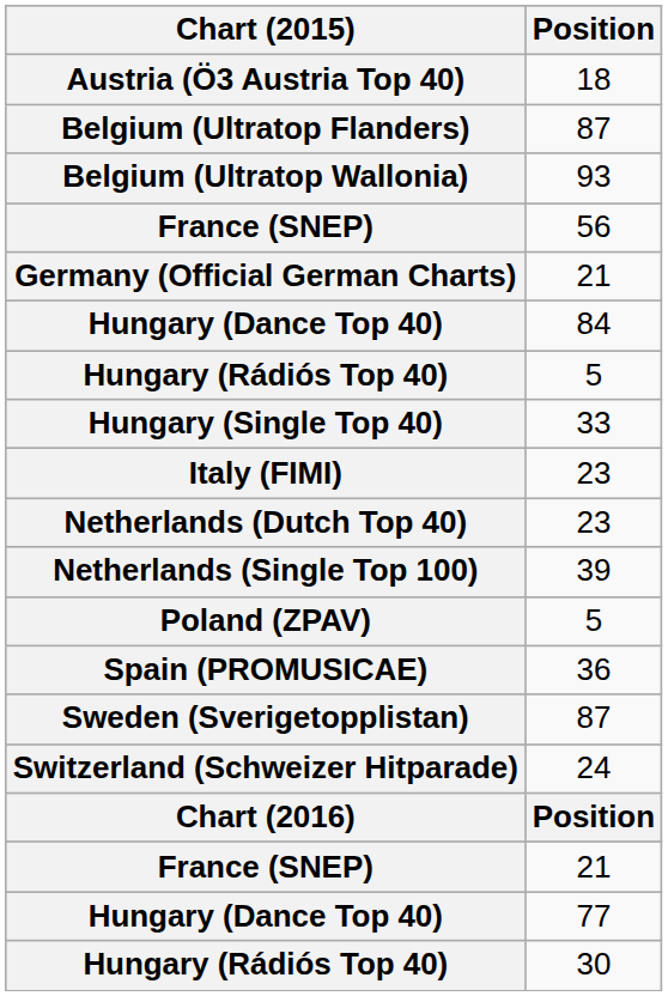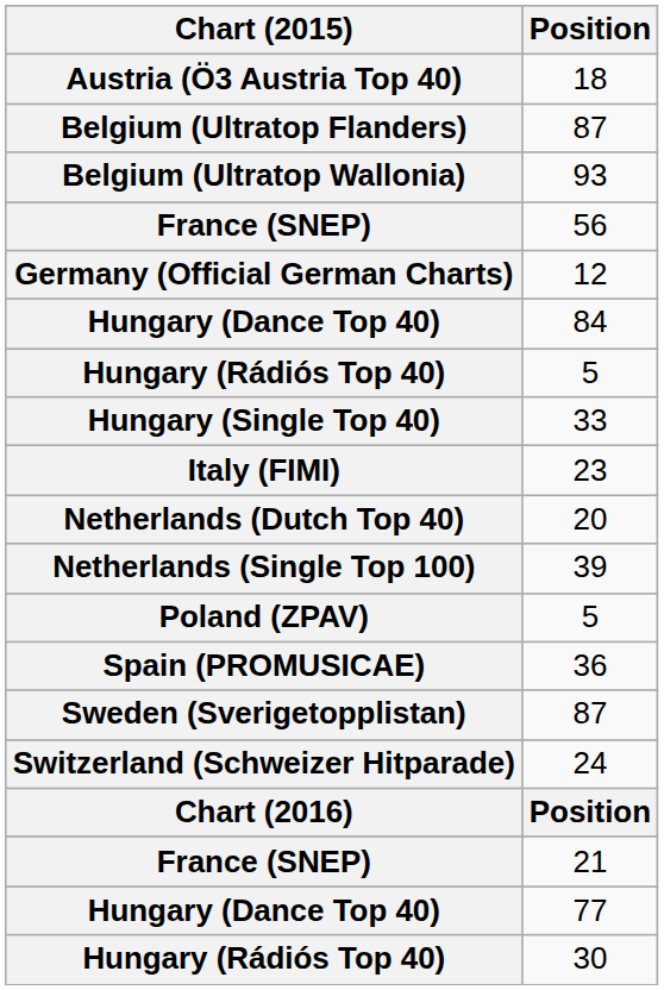 <table class="wikitable sortable plainrowheaders" style="text-align:center;">
 <tr>
 <th>Chart (2015)</th>
 <th>Position</th>
 </tr>
 <tr>
 <th scope="row">Austria (Ö3 Austria Top 40)</th>
 <td style="text-align:center;">18</td>
 </tr>
 <tr>
 <th scope="row">Belgium (Ultratop Flanders)</th>
 <td style="text-align:center;">87</td>
 </tr>
 <tr>
 <th scope="row">Belgium (Ultratop Wallonia)</th>
 <td style="text-align:center;">93</td>
 </tr>
 <tr>
 <th scope="row">France (SNEP)</th>
 <td style="text-align:center;">56</td>
 </tr>
 <tr>
 <th scope="row">Germany (Official German Charts)</th>
-<td style="text-align:center;">21</td>
+<td style="text-align:center;">12</td>
 </tr>
 <tr>
 <th scope="row">Hungary (Dance Top 40)</th>
 <td style="text-align:center;">84</td>
 </tr>
 <tr>
 <th scope="row">Hungary (Rádiós Top 40)</th>
 <td style="text-align:center;">5</td>
 </tr>
 <tr>
 <th scope="row">Hungary (Single Top 40)</th>
 <td style="text-align:center;">33</td>
 </tr>
 <tr>
 <th scope="row">Italy (FIMI)</th>
 <td style="text-align:center;">23</td>
 </tr>
 <tr>
 <th scope="row">Netherlands (Dutch Top 40)</th>
-<td style="text-align:center;">23</td>
+<td style="text-align:center;">20</td>
 </tr>
 <tr>
 <th scope="row">Netherlands (Single Top 100)</th>
 <td style="text-align:center;">39</td>
 </tr>
 <tr>
 <th scope="row">Poland (ZPAV)</th>
 <td>5</td>
 </tr>
 <tr>
 <th scope="row">Spain (PROMUSICAE)</th>
 <td>36</td>
 </tr>
 <tr>
 <th scope="row">Sweden (Sverigetopplistan)</th>
 <td style="text-align:center;">87</td>
 </tr>
 <tr>
 <th scope="row">Switzerland (Schweizer Hitparade)</th>
 <td style="text-align:center;">24</td>
 </tr>
 <tr>
 <th>Chart (2016)</th>
 <th>Position</th>
 </tr>
 <tr>
 <th scope="row">France (SNEP)</th>
 <td style="text-align:center;">21</td>
 </tr>
 <tr>
 <th scope="row">Hungary (Dance Top 40)</th>
 <td style="text-align:center;">77</td>
 </tr>
 <tr>
 <th scope="row">Hungary (Rádiós Top 40)</th>
 <td style="text-align:center;">30</td>
 </tr>
 </table>
